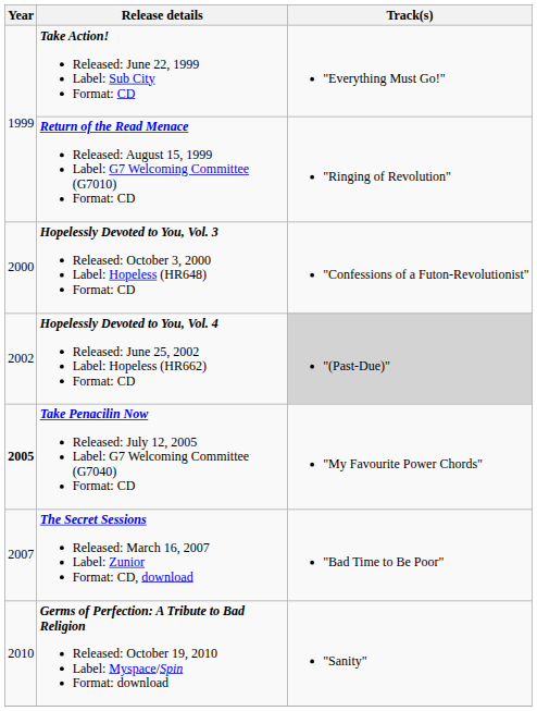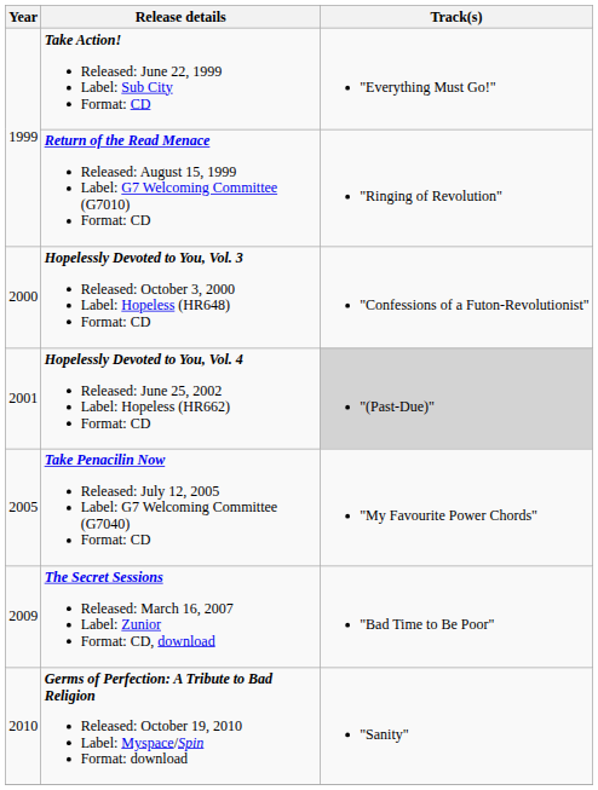 <table class ="wikitable">
 <tr>
 <th>Year</th>
 <th width="300">Release details</th>
 <th>Track(s)</th>
 </tr>
 <tr>
 <td rowspan="2">1999</td>
 <td><strong><em>Take Action!</em></strong><br><ul><li>Released: June 22, 1999</li><li>Label: <a href='#'>Sub City</a></li><li>Format: <a href='#'>CD</a></li></ul></td>
 <td><br><ul><li>"Everything Must Go!" </li></ul></td>
 </tr>
 <tr>
 <td><strong><em><a href='#'>Return of the Read Menace</a></em></strong><br><ul><li>Released: August 15, 1999</li><li>Label: <a href='#'>G7 Welcoming Committee</a> (G7010)</li><li>Format: CD</li></ul></td>
 <td><br><ul><li>"Ringing of Revolution" </li></ul></td>
 </tr>
 <tr>
 <td>2000</td>
 <td><strong><em>Hopelessly Devoted to You, Vol. 3</em></strong><br><ul><li>Released: October 3, 2000</li><li>Label: <a href='#'>Hopeless</a> (HR648)</li><li>Format: CD</li></ul></td>
 <td><br><ul><li>"Confessions of a Futon-Revolutionist" </li></ul></td>
 </tr>
 <tr>
-<td>2002</td>
+<td>2001</td>
 <td><strong><em>Hopelessly Devoted to You, Vol. 4</em></strong><br><ul><li>Released: June 25, 2002</li><li>Label: Hopeless (HR662)</li><li>Format: CD</li></ul></td>
 <td style="background: lightgrey;"><br><ul><li>"(Past-Due)" </li></ul></td>
 </tr>
 <tr>
-<td><strong>2005</strong></td>
+<td>2005</td>
 <td><strong><em><a href='#'>Take Penacilin Now</a></em></strong><br><ul><li>Released: July 12, 2005</li><li>Label: G7 Welcoming Committee (G7040)</li><li>Format: CD</li></ul></td>
 <td><br><ul><li>"My Favourite Power Chords"</li></ul></td>
 </tr>
 <tr>
-<td>2007</td>
+<td>2009</td>
 <td><strong><em><a href='#'>The Secret Sessions</a></em></strong><br><ul><li>Released: March 16, 2007</li><li>Label: <a href='#'>Zunior</a></li><li>Format: CD, <a href='#'>download</a></li></ul></td>
 <td><br><ul><li>"Bad Time to Be Poor" </li></ul></td>
 </tr>
 <tr>
 <td>2010</td>
 <td><strong><em>Germs of Perfection: A Tribute to Bad Religion</em></strong><br><ul><li>Released: October 19, 2010</li><li>Label: <a href='#'>Myspace</a>/<em><a href='#'>Spin</a></em></li><li>Format: download</li></ul></td>
 <td><br><ul><li>"Sanity" </li></ul></td>
 </tr>
 <tr>
 </tr>
 </table>
